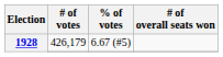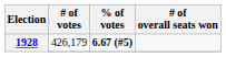 <table class=wikitable>
 <tr>
 <th>Election</th>
 <th># of<br>votes</th>
 <th>% of<br>votes</th>
 <th># of<br>overall seats won</th>
 </tr>
 <tr>
 <th rowspan="2"><a href='#'>1928</a></th>
 <td>426,179</td>
-<td>6.67 (#5)</td>
+<td><strong>6.67 (#5)</strong></td>
 <td></td>
 </tr>
 <tr>
 </tr>
 </table>
